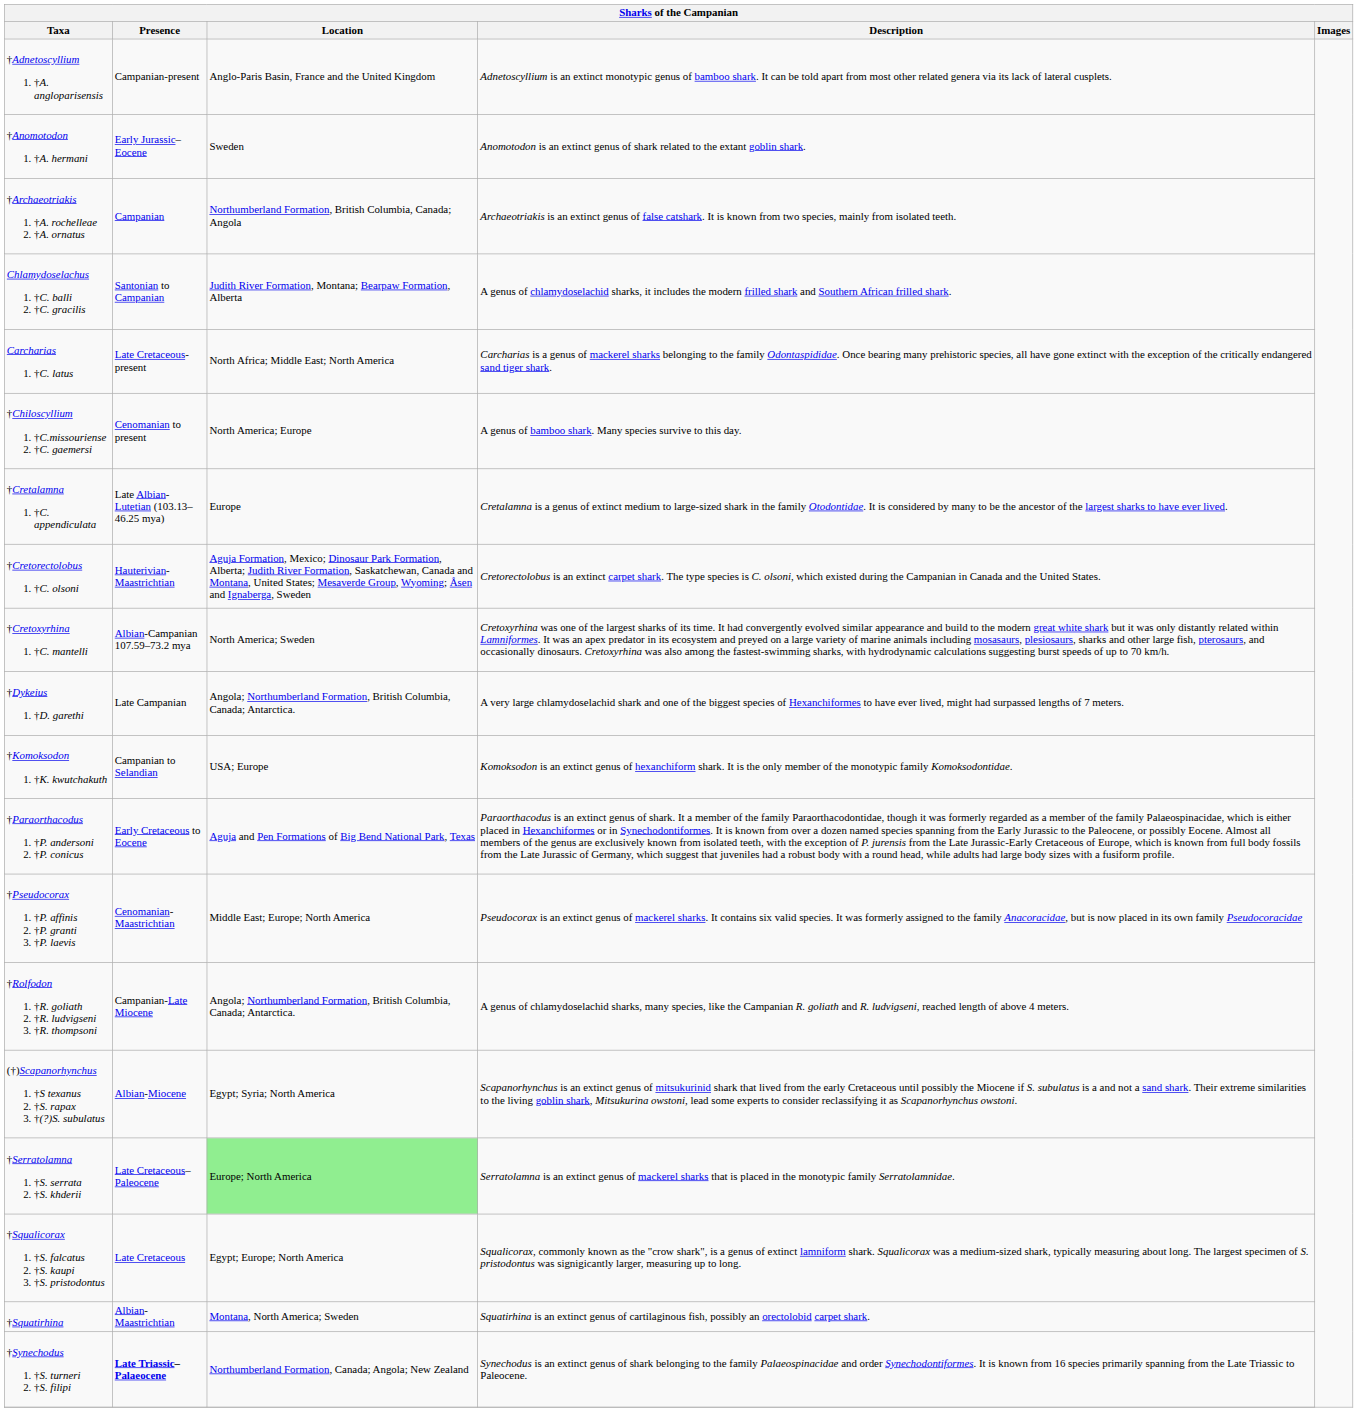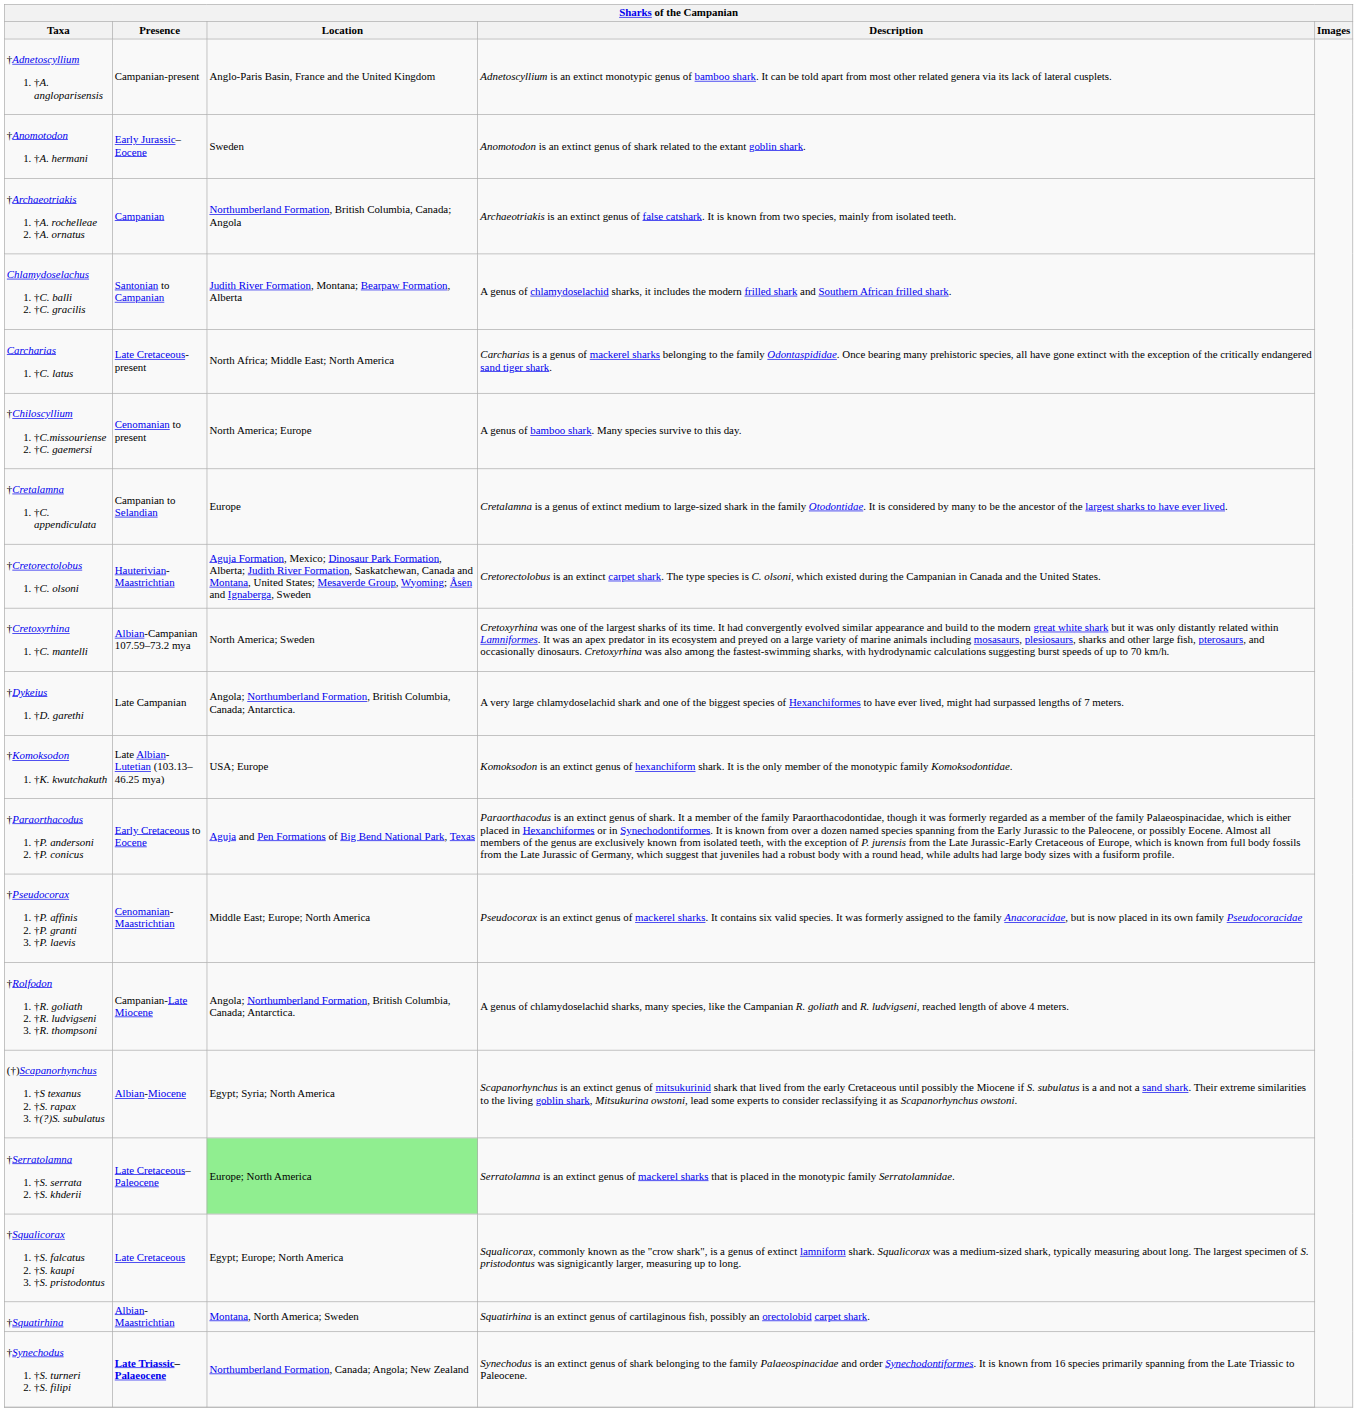 <table class="wikitable" align="center" width="100%">
 <tr>
 <th colspan="5" align="center"><a href='#'>Sharks</a> of the Campanian</th>
 </tr>
 <tr>
 <th>Taxa</th>
 <th>Presence</th>
 <th>Location</th>
 <th>Description</th>
 <th>Images</th>
 </tr>
 <tr>
 <td><br>†<em><a href='#'>Adnetoscyllium</a></em><ol><li>†<em>A. angloparisensis</em></li></ol></td>
 <td>Campanian-present</td>
 <td>Anglo-Paris Basin, France and the United Kingdom</td>
 <td><em>Adnetoscyllium</em> is an extinct monotypic genus of <a href='#'>bamboo shark</a>. It can be told apart from most other related genera via its lack of lateral cusplets.</td>
 <td rowspan="99"><br> </td>
 </tr>
 <tr>
 <td><br>†<em><a href='#'>Anomotodon</a></em><ol><li>†<em>A. hermani</em></li></ol></td>
 <td><a href='#'>Early Jurassic</a>–<a href='#'>Eocene</a></td>
 <td>Sweden</td>
 <td><em>Anomotodon</em> is an extinct genus of shark related to the extant <a href='#'>goblin shark</a>.</td>
 </tr>
 <tr>
 <td><br>†<em><a href='#'>Archaeotriakis</a></em><ol><li>†<em>A. rochelleae </em></li><li>†<em>A. ornatus</em></li></ol></td>
 <td><a href='#'>Campanian</a></td>
 <td><a href='#'>Northumberland Formation</a>, British Columbia, Canada; Angola</td>
 <td><em>Archaeotriakis</em> is an extinct genus of <a href='#'>false catshark</a>. It is known from two species, mainly from isolated teeth.</td>
 </tr>
 <tr>
 <td><br><em><a href='#'>Chlamydoselachus</a></em><ol><li>†<em>C. balli</em></li><li>†<em>C. gracilis</em></li></ol></td>
 <td><a href='#'>Santonian</a> to <a href='#'>Campanian</a></td>
 <td><a href='#'>Judith River Formation</a>, Montana; <a href='#'>Bearpaw Formation</a>, Alberta</td>
 <td>A genus of <a href='#'>chlamydoselachid</a> sharks, it includes the modern <a href='#'>frilled shark</a> and <a href='#'>Southern African frilled shark</a>.</td>
 </tr>
 <tr>
 <td><br><em><a href='#'>Carcharias</a></em><ol><li>†<em>C. latus</em></li></ol></td>
 <td><a href='#'>Late Cretaceous</a>-present</td>
 <td>North Africa; Middle East; North America</td>
 <td><em>Carcharias</em> is a genus of <a href='#'>mackerel sharks</a> belonging to the family <em><a href='#'>Odontaspididae</a></em>. Once bearing many prehistoric species, all have gone extinct with the exception of the critically endangered <a href='#'>sand tiger shark</a>.</td>
 </tr>
 <tr>
 <td><br>†<em><a href='#'>Chiloscyllium</a></em><ol><li>†<em>C.missouriense</em></li><li>†<em>C. gaemersi</em></li></ol></td>
 <td><a href='#'>Cenomanian</a> to present</td>
 <td>North America; Europe</td>
 <td>A genus of <a href='#'>bamboo shark</a>. Many species survive to this day.</td>
 </tr>
 <tr>
 <td><br>†<em><a href='#'>Cretalamna</a></em><ol><li>†<em>C. appendiculata</em></li></ol></td>
-<td>Late <a href='#'>Albian</a>-<a href='#'>Lutetian</a> (103.13–46.25 mya)</td>
+<td>Campanian to <a href='#'>Selandian</a></td>
 <td>Europe</td>
 <td><em>Cretalamna</em> is a genus of extinct medium to large-sized shark in the family <em><a href='#'>Otodontidae</a></em>. It is considered by many to be the ancestor of the <a href='#'>largest sharks to have ever lived</a>.</td>
 </tr>
 <tr>
 <td><br>†<em><a href='#'>Cretorectolobus</a></em><ol><li>†<em>C. olsoni</em></li></ol></td>
 <td><a href='#'>Hauterivian</a>-<a href='#'>Maastrichtian</a></td>
 <td><a href='#'>Aguja Formation</a>, Mexico; <a href='#'>Dinosaur Park Formation</a>, Alberta; <a href='#'>Judith River Formation</a>, Saskatchewan, Canada and <a href='#'>Montana</a>, United States; <a href='#'>Mesaverde Group</a>, <a href='#'>Wyoming</a>; <a href='#'>Åsen</a> and <a href='#'>Ignaberga</a>, Sweden</td>
 <td><em>Cretorectolobus</em> is an extinct <a href='#'>carpet shark</a>. The type species is <em>C. olsoni</em>, which existed during the Campanian in Canada and the United States.</td>
 </tr>
 <tr>
 <td><br>†<em><a href='#'>Cretoxyrhina</a></em><ol><li>†<em>C. mantelli</em></li></ol></td>
 <td><a href='#'>Albian</a>-Campanian<br>107.59–73.2 mya</td>
 <td>North America; Sweden</td>
 <td><em>Cretoxyrhina</em> was one of the largest sharks of its time. It had convergently evolved similar appearance and build to the modern <a href='#'>great white shark</a> but it was only distantly related within <em><a href='#'>Lamniformes</a></em>. It was an apex predator in its ecosystem and preyed on a large variety of marine animals including <a href='#'>mosasaurs</a>, <a href='#'>plesiosaurs</a>, sharks and other large fish, <a href='#'>pterosaurs</a>, and occasionally dinosaurs. <em>Cretoxyrhina</em> was also among the fastest-swimming sharks, with hydrodynamic calculations suggesting burst speeds of up to 70 km/h.</td>
 </tr>
 <tr>
 <td><br>†<em><a href='#'>Dykeius</a></em><ol><li>†<em>D. garethi</em></li></ol></td>
 <td>Late Campanian</td>
 <td>Angola; <a href='#'>Northumberland Formation</a>, British Columbia, Canada; Antarctica.</td>
 <td>A very large chlamydoselachid shark and one of the biggest species of <a href='#'>Hexanchiformes</a> to have ever lived, might had surpassed lengths of 7 meters.</td>
 </tr>
 <tr>
 <td><br>†<em><a href='#'>Komoksodon</a></em><ol><li>†<em>K. kwutchakuth</em></li></ol></td>
-<td>Campanian to <a href='#'>Selandian</a></td>
+<td>Late <a href='#'>Albian</a>-<a href='#'>Lutetian</a> (103.13–46.25 mya)</td>
 <td>USA; Europe</td>
 <td><em>Komoksodon</em> is an extinct genus of <a href='#'>hexanchiform</a> shark. It is the only member of the monotypic family <em>Komoksodontidae</em>.</td>
 </tr>
 <tr>
 <td><br>†<em><a href='#'>Paraorthacodus</a></em><ol><li>†<em>P. andersoni</em></li><li>†<em>P. conicus</em></li></ol></td>
 <td><a href='#'>Early Cretaceous</a> to <a href='#'>Eocene</a></td>
 <td><a href='#'>Aguja</a> and <a href='#'>Pen Formations</a> of <a href='#'>Big Bend National Park</a>, <a href='#'>Texas</a></td>
 <td><em>Paraorthacodus</em> is an extinct genus of shark. It a member of the family Paraorthacodontidae, though it was formerly regarded as a member of the family Palaeospinacidae, which is either placed in <a href='#'>Hexanchiformes</a> or in <a href='#'>Synechodontiformes</a>. It is known from over a dozen named species spanning from the Early Jurassic to the Paleocene, or possibly Eocene. Almost all members of the genus are exclusively known from isolated teeth, with the exception of <em>P. jurensis</em> from the Late Jurassic-Early Cretaceous of Europe, which is known from full body fossils from the Late Jurassic of Germany, which suggest that juveniles had a robust body with a round head, while adults had large body sizes with a fusiform profile.</td>
 </tr>
 <tr>
 <td><br>†<em><a href='#'>Pseudocorax</a></em><ol><li>†<em>P. affinis </em></li><li>†<em>P. granti</em></li><li>†<em>P. laevis</em></li></ol></td>
 <td><a href='#'>Cenomanian</a>-<a href='#'>Maastrichtian</a></td>
 <td>Middle East; Europe; North America</td>
 <td><em>Pseudocorax</em> is an extinct genus of <a href='#'>mackerel sharks</a>. It contains six valid species. It was formerly assigned to the family <em><a href='#'>Anacoracidae</a></em>, but is now placed in its own family <em><a href='#'>Pseudocoracidae</a></em></td>
 </tr>
 <tr>
 <td><br>†<em><a href='#'>Rolfodon</a></em><ol><li>†<em>R. goliath</em></li><li>†<em>R. ludvigseni</em></li><li>†<em>R. thompsoni</em></li></ol></td>
 <td>Campanian-<a href='#'>Late Miocene</a></td>
 <td>Angola; <a href='#'>Northumberland Formation</a>, British Columbia, Canada; Antarctica.</td>
 <td>A genus of chlamydoselachid sharks, many species, like the Campanian <em>R. goliath</em> and <em>R. ludvigseni</em>, reached length of above 4 meters.</td>
 </tr>
 <tr>
 <td><br>(†)<em><a href='#'>Scapanorhynchus</a></em><ol><li>†<em>S texanus</em></li><li>†<em>S. rapax</em></li><li>†<em>(?)S. subulatus</em></li></ol></td>
 <td><a href='#'>Albian</a>-<a href='#'>Miocene</a></td>
 <td>Egypt; Syria; North America</td>
 <td><em>Scapanorhynchus</em> is an extinct genus of <a href='#'>mitsukurinid</a> shark that lived from the early Cretaceous until possibly the Miocene if <em>S. subulatus</em> is a  and not a <a href='#'>sand shark</a>. Their extreme similarities to the living <a href='#'>goblin shark</a>, <em>Mitsukurina owstoni</em>, lead some experts to consider reclassifying it as <em>Scapanorhynchus owstoni</em>.</td>
 </tr>
 <tr>
 <td><br>†<em><a href='#'>Serratolamna</a></em><ol><li>†<em>S. serrata </em></li><li>†<em>S. khderii</em></li></ol></td>
 <td><a href='#'>Late Cretaceous</a>–<a href='#'>Paleocene</a></td>
 <td style="background: lightgreen;">Europe; North America</td>
 <td><em>Serratolamna </em> is an extinct genus of <a href='#'>mackerel sharks</a> that is placed in the monotypic family <em>Serratolamnidae</em>.</td>
 </tr>
 <tr>
 <td><br>†<em><a href='#'>Squalicorax</a></em><ol><li>†<em>S. falcatus</em></li><li>†<em>S. kaupi </em></li><li>†<em>S. pristodontus</em></li></ol></td>
 <td><a href='#'>Late Cretaceous</a></td>
 <td>Egypt; Europe; North America</td>
 <td><em>Squalicorax</em>, commonly known as the "crow shark", is a genus of extinct <a href='#'>lamniform</a> shark. <em>Squalicorax</em> was a medium-sized shark, typically measuring about  long. The largest specimen of <em>S. pristodontus</em> was signigicantly larger, measuring up to  long.</td>
 </tr>
 <tr>
 <td><br>†<em><a href='#'>Squatirhina</a></em></td>
 <td><a href='#'>Albian</a>-<a href='#'>Maastrichtian</a></td>
 <td><a href='#'>Montana</a>, North America; Sweden</td>
 <td><em>Squatirhina</em> is an extinct genus of  cartilaginous fish, possibly an <a href='#'>orectolobid</a> <a href='#'>carpet shark</a>.</td>
 </tr>
 <tr>
 <td><br>†<em><a href='#'>Synechodus</a></em><ol><li>†<em>S. turneri</em></li><li>†<em>S. filipi</em></li></ol></td>
 <td><strong><a href='#'>Late Triassic</a>–<a href='#'>Palaeocene</a></strong></td>
 <td><a href='#'>Northumberland Formation</a>, Canada; Angola; New Zealand</td>
 <td><em>Synechodus</em> is an extinct genus of shark belonging to the family <em>Palaeospinacidae</em> and order <em><a href='#'>Synechodontiformes</a></em>. It is known from 16 species primarily spanning from the Late Triassic to Paleocene.</td>
 </tr>
 <tr>
 </tr>
 </table>
